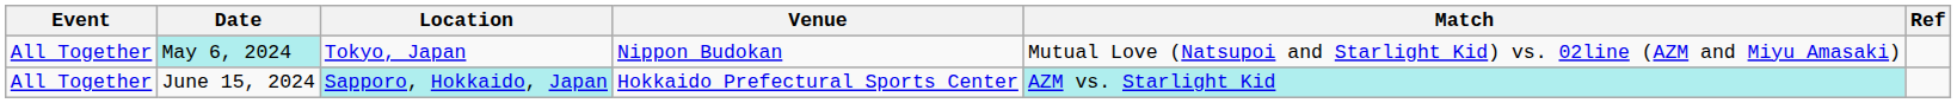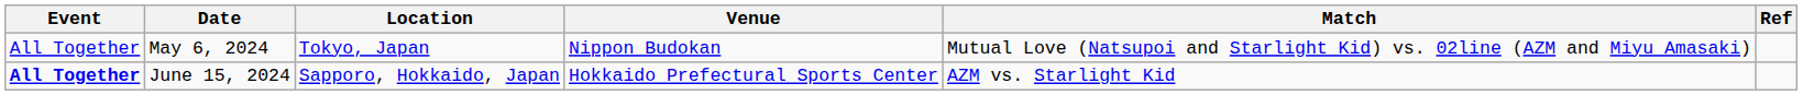 <table class="wikitable" style="font-size:85%;">
 <tr>
 <th>Event</th>
 <th>Date</th>
 <th>Location</th>
 <th>Venue</th>
 <th>Match</th>
 <th>Ref</th>
 </tr>
 <tr>
 <td><a href='#'>All Together</a></td>
-<td style="background: paleturquoise;">May 6, 2024</td>
+<td>May 6, 2024</td>
 <td><a href='#'>Tokyo, Japan</a></td>
 <td><a href='#'>Nippon Budokan</a></td>
 <td>Mutual Love (<a href='#'>Natsupoi</a> and <a href='#'>Starlight Kid</a>) vs. <a href='#'>02line</a> (<a href='#'>AZM</a> and <a href='#'>Miyu Amasaki</a>)</td>
 <td></td>
 </tr>
 <tr>
-<td><a href='#'>All Together</a></td>
+<td><strong><a href='#'>All Together</a></strong></td>
 <td>June 15, 2024</td>
-<td style="background: paleturquoise;"><a href='#'>Sapporo</a>, <a href='#'>Hokkaido</a>, <a href='#'>Japan</a></td>
+<td><a href='#'>Sapporo</a>, <a href='#'>Hokkaido</a>, <a href='#'>Japan</a></td>
 <td><a href='#'>Hokkaido Prefectural Sports Center</a></td>
-<td style="background: paleturquoise;"><a href='#'>AZM</a> vs. <a href='#'>Starlight Kid</a></td>
+<td><a href='#'>AZM</a> vs. <a href='#'>Starlight Kid</a></td>
 <td></td>
 </tr>
 </table>
